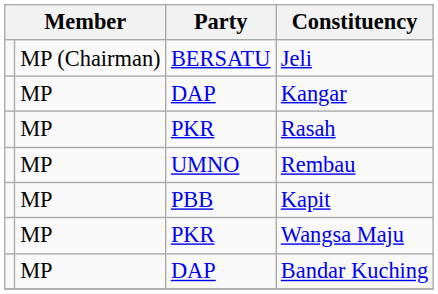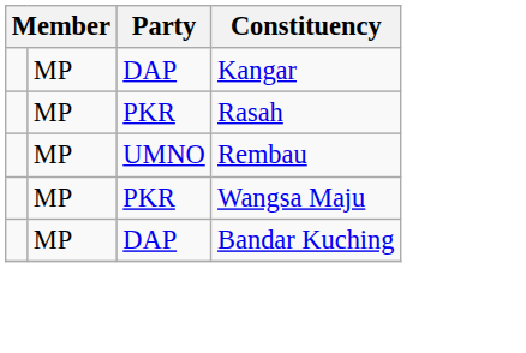 <table class="sortable wikitable">
 <tr>
 <th colspan="2" valign="top">Member</th>
 <th valign="top">Party</th>
 <th valign="top">Constituency</th>
-</tr>
-<tr>
-<td></td>
-<td> MP (Chairman)</td>
-<td><a href='#'>BERSATU</a></td>
-<td><a href='#'>Jeli</a></td>
 </tr>
 <tr>
 <td></td>
 <td> MP</td>
 <td><a href='#'>DAP</a></td>
 <td><a href='#'>Kangar</a></td>
 </tr>
 <tr>
 <td></td>
 <td> MP</td>
 <td><a href='#'>PKR</a></td>
 <td><a href='#'>Rasah</a></td>
 </tr>
 <tr>
 <td></td>
 <td> MP</td>
 <td><a href='#'>UMNO</a></td>
 <td><a href='#'>Rembau</a></td>
 </tr>
 <tr>
 <td></td>
 <td> MP</td>
-<td><a href='#'>PBB</a></td>
-<td><a href='#'>Kapit</a></td>
-</tr>
-<tr>
-<td></td>
-<td> MP</td>
 <td><a href='#'>PKR</a></td>
 <td><a href='#'>Wangsa Maju</a></td>
 </tr>
 <tr>
 <td></td>
 <td> MP</td>
 <td><a href='#'>DAP</a></td>
 <td><a href='#'>Bandar Kuching</a></td>
 </tr>
 <tr>
 </tr>
 </table>
